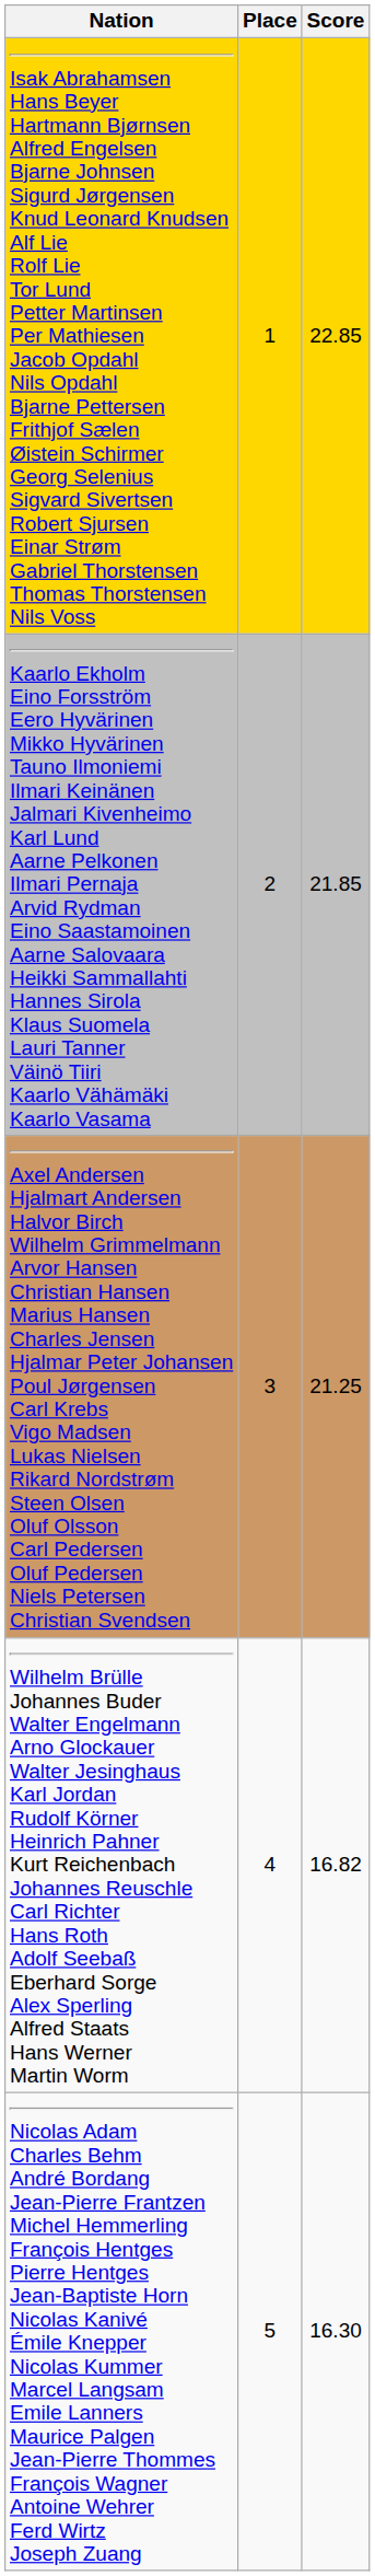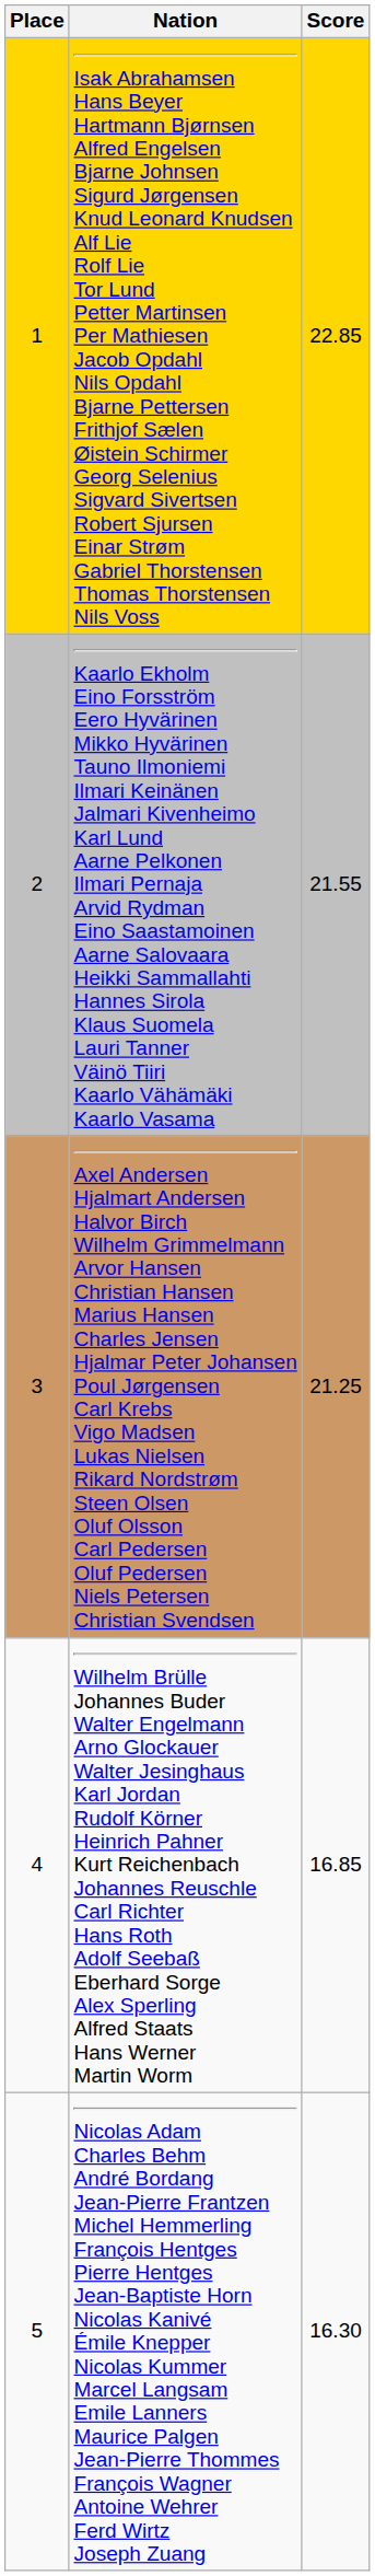 <table class="wikitable">
 <tr>
+<th>Place</th>
 <th>Nation</th>
-<th>Place</th>
 <th>Score</th>
 </tr>
 <tr align=center bgcolor=gold>
+<td>1</td>
 <td align=left><hr><a href='#'>Isak Abrahamsen</a><br><a href='#'>Hans Beyer</a><br><a href='#'>Hartmann Bjørnsen</a><br><a href='#'>Alfred Engelsen</a><br><a href='#'>Bjarne Johnsen</a><br><a href='#'>Sigurd Jørgensen</a><br><a href='#'>Knud Leonard Knudsen</a><br><a href='#'>Alf Lie</a><br><a href='#'>Rolf Lie</a><br><a href='#'>Tor Lund</a><br><a href='#'>Petter Martinsen</a><br><a href='#'>Per Mathiesen</a><br><a href='#'>Jacob Opdahl</a><br><a href='#'>Nils Opdahl</a><br><a href='#'>Bjarne Pettersen</a><br><a href='#'>Frithjof Sælen</a><br><a href='#'>Øistein Schirmer</a><br><a href='#'>Georg Selenius</a><br><a href='#'>Sigvard Sivertsen</a><br><a href='#'>Robert Sjursen</a><br><a href='#'>Einar Strøm</a><br><a href='#'>Gabriel Thorstensen</a><br><a href='#'>Thomas Thorstensen</a><br><a href='#'>Nils Voss</a></td>
-<td>1</td>
 <td>22.85</td>
 </tr>
 <tr align=center bgcolor=silver>
+<td>2</td>
 <td align=left><hr><a href='#'>Kaarlo Ekholm</a><br><a href='#'>Eino Forsström</a><br><a href='#'>Eero Hyvärinen</a><br><a href='#'>Mikko Hyvärinen</a><br><a href='#'>Tauno Ilmoniemi</a><br><a href='#'>Ilmari Keinänen</a><br><a href='#'>Jalmari Kivenheimo</a><br><a href='#'>Karl Lund</a><br><a href='#'>Aarne Pelkonen</a><br><a href='#'>Ilmari Pernaja</a><br><a href='#'>Arvid Rydman</a><br><a href='#'>Eino Saastamoinen</a><br><a href='#'>Aarne Salovaara</a><br><a href='#'>Heikki Sammallahti</a><br><a href='#'>Hannes Sirola</a><br><a href='#'>Klaus Suomela</a><br><a href='#'>Lauri Tanner</a><br><a href='#'>Väinö Tiiri</a><br><a href='#'>Kaarlo Vähämäki</a><br><a href='#'>Kaarlo Vasama</a></td>
-<td>2</td>
-<td>21.85</td>
+<td>21.55</td>
 </tr>
 <tr align=center bgcolor=cc9966>
+<td>3</td>
 <td align=left><hr><a href='#'>Axel Andersen</a><br><a href='#'>Hjalmart Andersen</a><br><a href='#'>Halvor Birch</a><br><a href='#'>Wilhelm Grimmelmann</a><br><a href='#'>Arvor Hansen</a><br><a href='#'>Christian Hansen</a><br><a href='#'>Marius Hansen</a><br><a href='#'>Charles Jensen</a><br><a href='#'>Hjalmar Peter Johansen</a><br><a href='#'>Poul Jørgensen</a><br><a href='#'>Carl Krebs</a><br><a href='#'>Vigo Madsen</a><br><a href='#'>Lukas Nielsen</a><br><a href='#'>Rikard Nordstrøm</a><br><a href='#'>Steen Olsen</a><br><a href='#'>Oluf Olsson</a><br><a href='#'>Carl Pedersen</a><br><a href='#'>Oluf Pedersen</a><br><a href='#'>Niels Petersen</a><br><a href='#'>Christian Svendsen</a></td>
-<td>3</td>
 <td>21.25</td>
 </tr>
 <tr align=center>
+<td>4</td>
 <td align=left><hr><a href='#'>Wilhelm Brülle</a><br>Johannes Buder<br><a href='#'>Walter Engelmann</a><br><a href='#'>Arno Glockauer</a><br><a href='#'>Walter Jesinghaus</a><br><a href='#'>Karl Jordan</a><br><a href='#'>Rudolf Körner</a><br><a href='#'>Heinrich Pahner</a><br>Kurt Reichenbach<br><a href='#'>Johannes Reuschle</a><br><a href='#'>Carl Richter</a><br><a href='#'>Hans Roth</a><br><a href='#'>Adolf Seebaß</a><br>Eberhard Sorge<br><a href='#'>Alex Sperling</a><br>Alfred Staats<br>Hans Werner<br>Martin Worm</td>
-<td>4</td>
-<td>16.82</td>
+<td>16.85</td>
 </tr>
 <tr align=center>
+<td>5</td>
 <td align=left><hr><a href='#'>Nicolas Adam</a><br><a href='#'>Charles Behm</a><br><a href='#'>André Bordang</a><br><a href='#'>Jean-Pierre Frantzen</a><br><a href='#'>Michel Hemmerling</a><br><a href='#'>François Hentges</a><br><a href='#'>Pierre Hentges</a><br><a href='#'>Jean-Baptiste Horn</a><br><a href='#'>Nicolas Kanivé</a><br><a href='#'>Émile Knepper</a><br><a href='#'>Nicolas Kummer</a><br><a href='#'>Marcel Langsam</a><br><a href='#'>Emile Lanners</a><br><a href='#'>Maurice Palgen</a><br><a href='#'>Jean-Pierre Thommes</a><br><a href='#'>François Wagner</a><br><a href='#'>Antoine Wehrer</a><br><a href='#'>Ferd Wirtz</a><br><a href='#'>Joseph Zuang</a></td>
-<td>5</td>
 <td>16.30</td>
 </tr>
 </table>
